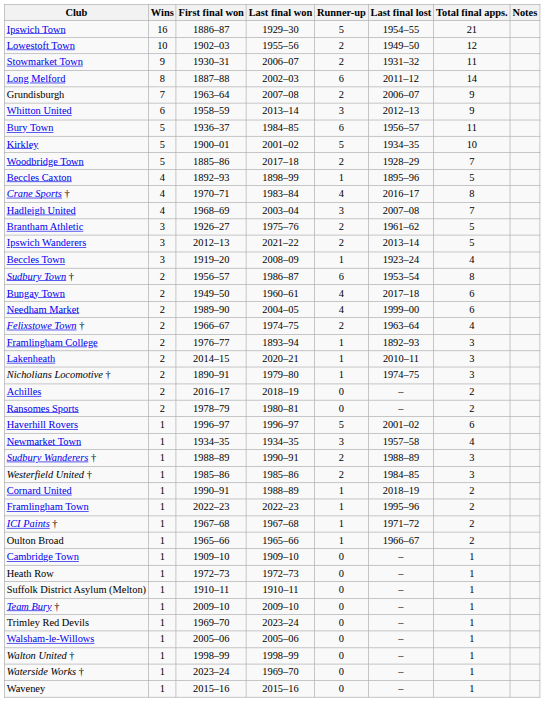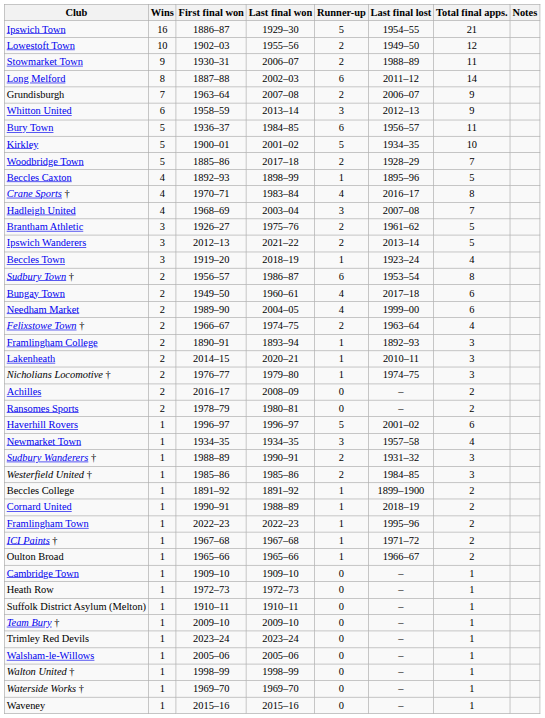 <table class="wikitable sortable" style=text-align:center>
 <tr>
 <th>Club</th>
 <th>Wins</th>
 <th>First final won</th>
 <th>Last final won</th>
 <th>Runner-up</th>
 <th>Last final lost</th>
 <th>Total final apps.</th>
 <th>Notes</th>
 </tr>
 <tr>
 <td style="text-align: left"><a href='#'>Ipswich Town</a></td>
 <td>16</td>
 <td>1886–87</td>
 <td>1929–30</td>
 <td>5</td>
 <td>1954–55</td>
 <td>21</td>
 <td></td>
 </tr>
 <tr>
 <td style="text-align: left"><a href='#'>Lowestoft Town</a></td>
 <td>10</td>
 <td>1902–03</td>
 <td>1955–56</td>
 <td>2</td>
 <td>1949–50</td>
 <td>12</td>
 <td></td>
 </tr>
 <tr>
 <td style="text-align: left"><a href='#'>Stowmarket Town</a></td>
 <td>9</td>
 <td>1930–31</td>
 <td>2006–07</td>
 <td>2</td>
-<td>1931–32</td>
+<td>1988–89</td>
 <td>11</td>
 <td></td>
 </tr>
 <tr>
 <td style="text-align: left"><a href='#'>Long Melford</a></td>
 <td>8</td>
 <td>1887–88</td>
 <td>2002–03</td>
 <td>6</td>
 <td>2011–12</td>
 <td>14</td>
 <td></td>
 </tr>
 <tr>
 <td style="text-align: left">Grundisburgh</td>
 <td>7</td>
 <td>1963–64</td>
 <td>2007–08</td>
 <td>2</td>
 <td>2006–07</td>
 <td>9</td>
 <td></td>
 </tr>
 <tr>
 <td style="text-align: left"><a href='#'>Whitton United</a></td>
 <td>6</td>
 <td>1958–59</td>
 <td>2013–14</td>
 <td>3</td>
 <td>2012–13</td>
 <td>9</td>
 <td></td>
 </tr>
 <tr>
 <td style="text-align: left"><a href='#'>Bury Town</a></td>
 <td>5</td>
 <td>1936–37</td>
 <td>1984–85</td>
 <td>6</td>
 <td>1956–57</td>
 <td>11</td>
 <td></td>
 </tr>
 <tr>
 <td style="text-align: left"><a href='#'>Kirkley</a></td>
 <td>5</td>
 <td>1900–01</td>
 <td>2001–02</td>
 <td>5</td>
 <td>1934–35</td>
 <td>10</td>
 <td></td>
 </tr>
 <tr>
 <td style="text-align: left"><a href='#'>Woodbridge Town</a></td>
 <td>5</td>
 <td>1885–86</td>
 <td>2017–18</td>
 <td>2</td>
 <td>1928–29</td>
 <td>7</td>
 <td></td>
 </tr>
 <tr>
 <td style="text-align: left"><a href='#'>Beccles Caxton</a></td>
 <td>4</td>
 <td>1892–93</td>
 <td>1898–99</td>
 <td>1</td>
 <td>1895–96</td>
 <td>5</td>
 <td></td>
 </tr>
 <tr>
 <td style="text-align: left"><em><a href='#'>Crane Sports</a></em> †</td>
 <td>4</td>
 <td>1970–71</td>
 <td>1983–84</td>
 <td>4</td>
 <td>2016–17</td>
 <td>8</td>
 <td></td>
 </tr>
 <tr>
 <td style="text-align: left"><a href='#'>Hadleigh United</a></td>
 <td>4</td>
 <td>1968–69</td>
 <td>2003–04</td>
 <td>3</td>
 <td>2007–08</td>
 <td>7</td>
 <td></td>
 </tr>
 <tr>
 <td style="text-align: left"><a href='#'>Brantham Athletic</a></td>
 <td>3</td>
 <td>1926–27</td>
 <td>1975–76</td>
 <td>2</td>
 <td>1961–62</td>
 <td>5</td>
 <td></td>
 </tr>
 <tr>
 <td style="text-align: left"><a href='#'>Ipswich Wanderers</a></td>
 <td>3</td>
 <td>2012–13</td>
 <td>2021–22</td>
 <td>2</td>
 <td>2013–14</td>
 <td>5</td>
 <td></td>
 </tr>
 <tr>
 <td style="text-align: left"><a href='#'>Beccles Town</a></td>
 <td>3</td>
 <td>1919–20</td>
-<td>2008–09</td>
+<td>2018–19</td>
 <td>1</td>
 <td>1923–24</td>
 <td>4</td>
 <td></td>
 </tr>
 <tr>
 <td style="text-align: left"><em><a href='#'>Sudbury Town</a></em> †</td>
 <td>2</td>
 <td>1956–57</td>
 <td>1986–87</td>
 <td>6</td>
 <td>1953–54</td>
 <td>8</td>
 <td></td>
 </tr>
 <tr>
 <td style="text-align: left"><a href='#'>Bungay Town</a></td>
 <td>2</td>
 <td>1949–50</td>
 <td>1960–61</td>
 <td>4</td>
 <td>2017–18</td>
 <td>6</td>
 <td></td>
 </tr>
 <tr>
 <td style="text-align: left"><a href='#'>Needham Market</a></td>
 <td>2</td>
 <td>1989–90</td>
 <td>2004–05</td>
 <td>4</td>
 <td>1999–00</td>
 <td>6</td>
 <td></td>
 </tr>
 <tr>
 <td style="text-align: left"><em><a href='#'>Felixstowe Town</a></em> †</td>
 <td>2</td>
 <td>1966–67</td>
 <td>1974–75</td>
 <td>2</td>
 <td>1963–64</td>
 <td>4</td>
 <td></td>
 </tr>
 <tr>
 <td style="text-align: left"><a href='#'>Framlingham College</a></td>
 <td>2</td>
-<td>1976–77</td>
+<td>1890–91</td>
 <td>1893–94</td>
 <td>1</td>
 <td>1892–93</td>
 <td>3</td>
 <td></td>
 </tr>
 <tr>
 <td style="text-align: left"><a href='#'>Lakenheath</a></td>
 <td>2</td>
 <td>2014–15</td>
 <td>2020–21</td>
 <td>1</td>
 <td>2010–11</td>
 <td>3</td>
 <td></td>
 </tr>
 <tr>
 <td style="text-align: left"><em>Nicholians Locomotive</em> †</td>
 <td>2</td>
-<td>1890–91</td>
+<td>1976–77</td>
 <td>1979–80</td>
 <td>1</td>
 <td>1974–75</td>
 <td>3</td>
 <td></td>
 </tr>
 <tr>
 <td style="text-align: left"><a href='#'>Achilles</a></td>
 <td>2</td>
 <td>2016–17</td>
-<td>2018–19</td>
+<td>2008–09</td>
 <td>0</td>
 <td>–</td>
 <td>2</td>
 <td></td>
 </tr>
 <tr>
 <td style="text-align: left"><a href='#'>Ransomes Sports</a></td>
 <td>2</td>
 <td>1978–79</td>
 <td>1980–81</td>
 <td>0</td>
 <td>–</td>
 <td>2</td>
 <td></td>
 </tr>
 <tr>
 <td style="text-align: left"><a href='#'>Haverhill Rovers</a></td>
 <td>1</td>
 <td>1996–97</td>
 <td>1996–97</td>
 <td>5</td>
 <td>2001–02</td>
 <td>6</td>
 <td></td>
 </tr>
 <tr>
 <td style="text-align: left"><a href='#'>Newmarket Town</a></td>
 <td>1</td>
 <td>1934–35</td>
 <td>1934–35</td>
 <td>3</td>
 <td>1957–58</td>
 <td>4</td>
 <td></td>
 </tr>
 <tr>
 <td style="text-align: left"><em><a href='#'>Sudbury Wanderers</a></em> †</td>
 <td>1</td>
 <td>1988–89</td>
 <td>1990–91</td>
 <td>2</td>
-<td>1988–89</td>
+<td>1931–32</td>
 <td>3</td>
 <td></td>
 </tr>
 <tr>
 <td style="text-align: left"><em>Westerfield United</em> †</td>
 <td>1</td>
 <td>1985–86</td>
 <td>1985–86</td>
 <td>2</td>
 <td>1984–85</td>
 <td>3</td>
+<td></td>
+</tr>
+<tr>
+<td style="text-align: left">Beccles College</td>
+<td>1</td>
+<td>1891–92</td>
+<td>1891–92</td>
+<td>1</td>
+<td>1899–1900</td>
+<td>2</td>
 <td></td>
 </tr>
 <tr>
 <td style="text-align: left"><a href='#'>Cornard United</a></td>
 <td>1</td>
 <td>1990–91</td>
 <td>1988–89</td>
 <td>1</td>
 <td>2018–19</td>
 <td>2</td>
 <td></td>
 </tr>
 <tr>
 <td style="text-align: left"><a href='#'>Framlingham Town</a></td>
 <td>1</td>
 <td>2022–23</td>
 <td>2022–23</td>
 <td>1</td>
 <td>1995–96</td>
 <td>2</td>
 <td></td>
 </tr>
 <tr>
 <td style="text-align: left"><em><a href='#'>ICI Paints</a></em> †</td>
 <td>1</td>
 <td>1967–68</td>
 <td>1967–68</td>
 <td>1</td>
 <td>1971–72</td>
 <td>2</td>
 <td></td>
 </tr>
 <tr>
 <td style="text-align: left">Oulton Broad</td>
 <td>1</td>
 <td>1965–66</td>
 <td>1965–66</td>
 <td>1</td>
 <td>1966–67</td>
 <td>2</td>
 <td></td>
 </tr>
 <tr>
 <td style="text-align: left"><a href='#'>Cambridge Town</a></td>
 <td>1</td>
 <td>1909–10</td>
 <td>1909–10</td>
 <td>0</td>
 <td>–</td>
 <td>1</td>
 <td></td>
 </tr>
 <tr>
 <td style="text-align: left">Heath Row</td>
 <td>1</td>
 <td>1972–73</td>
 <td>1972–73</td>
 <td>0</td>
 <td>–</td>
 <td>1</td>
 <td></td>
 </tr>
 <tr>
 <td style="text-align: left">Suffolk District Asylum (Melton)</td>
 <td>1</td>
 <td>1910–11</td>
 <td>1910–11</td>
 <td>0</td>
 <td>–</td>
 <td>1</td>
 <td></td>
 </tr>
 <tr>
 <td style="text-align: left"><em><a href='#'>Team Bury</a></em> †</td>
 <td>1</td>
 <td>2009–10</td>
 <td>2009–10</td>
 <td>0</td>
 <td>–</td>
 <td>1</td>
 <td></td>
 </tr>
 <tr>
 <td style="text-align: left">Trimley Red Devils</td>
 <td>1</td>
-<td>1969–70</td>
+<td>2023–24</td>
 <td>2023–24</td>
 <td>0</td>
 <td>–</td>
 <td>1</td>
 <td></td>
 </tr>
 <tr>
 <td style="text-align: left"><a href='#'>Walsham-le-Willows</a></td>
 <td>1</td>
 <td>2005–06</td>
 <td>2005–06</td>
 <td>0</td>
 <td>–</td>
 <td>1</td>
 <td></td>
 </tr>
 <tr>
 <td style="text-align: left"><em>Walton United</em> †</td>
 <td>1</td>
 <td>1998–99</td>
 <td>1998–99</td>
 <td>0</td>
 <td>–</td>
 <td>1</td>
 <td></td>
 </tr>
 <tr>
 <td style="text-align: left"><em>Waterside Works</em> †</td>
 <td>1</td>
-<td>2023–24</td>
+<td>1969–70</td>
 <td>1969–70</td>
 <td>0</td>
 <td>–</td>
 <td>1</td>
 <td></td>
 </tr>
 <tr>
 <td style="text-align: left">Waveney</td>
 <td>1</td>
 <td>2015–16</td>
 <td>2015–16</td>
 <td>0</td>
 <td>–</td>
 <td>1</td>
 <td></td>
 </tr>
 </table>
